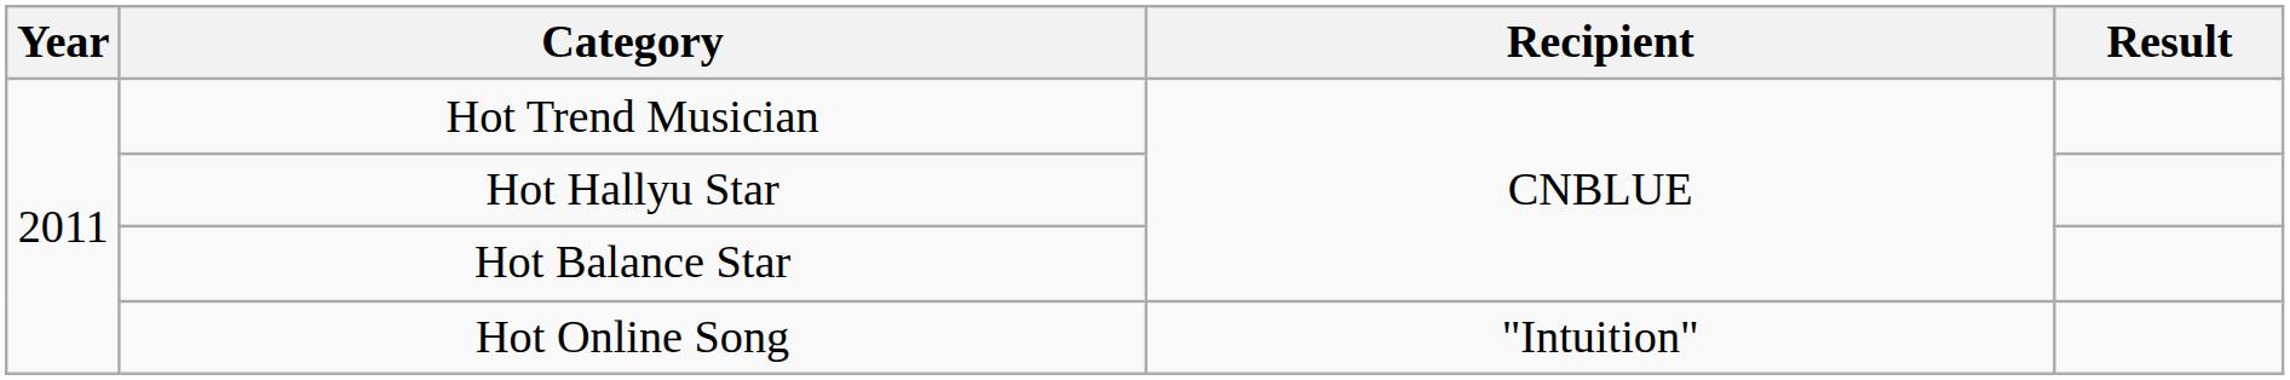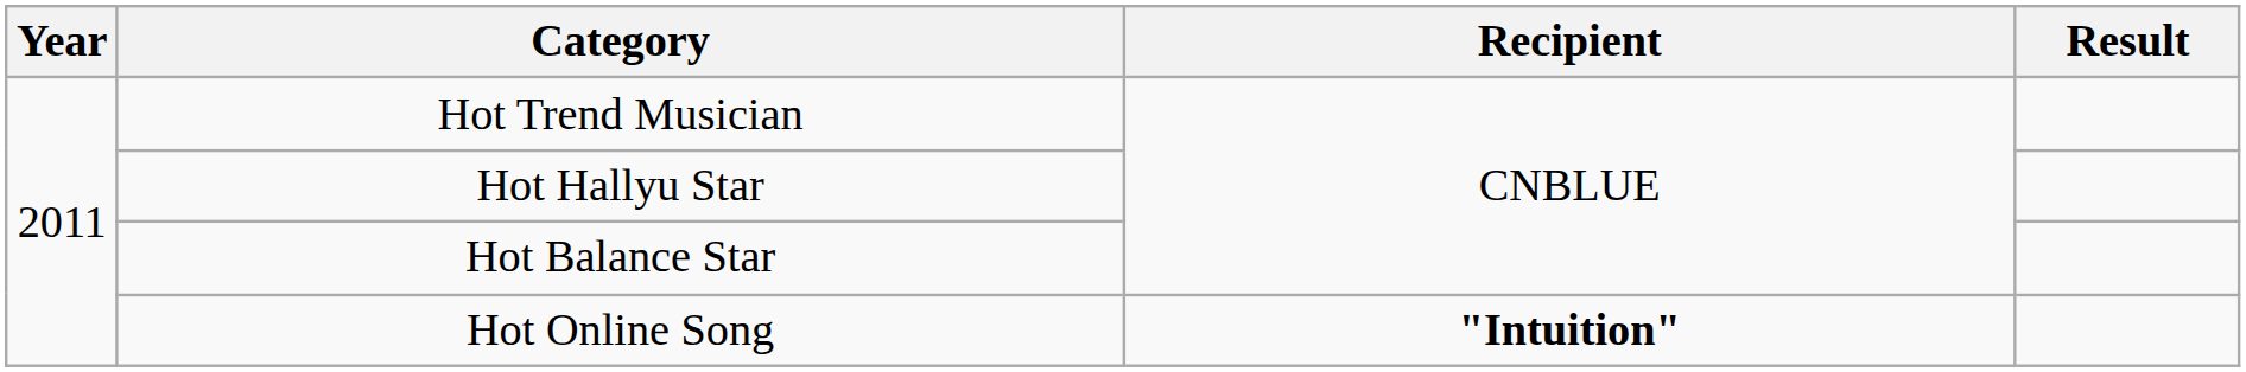 <table class="wikitable" style="text-align:center">
 <tr>
 <th width="5%">Year</th>
 <th width="45%">Category</th>
 <th width="40%">Recipient</th>
 <th width="10%">Result</th>
 </tr>
 <tr>
 <td rowspan="4">2011</td>
 <td>Hot Trend Musician</td>
 <td rowspan="3">CNBLUE</td>
 <td></td>
 </tr>
 <tr>
 <td>Hot Hallyu Star</td>
 <td></td>
 </tr>
 <tr>
 <td>Hot Balance Star</td>
 <td></td>
 </tr>
 <tr>
 <td>Hot Online Song</td>
-<td>"Intuition"</td>
+<td><strong>"Intuition"</strong></td>
 <td></td>
 </tr>
 </table>
